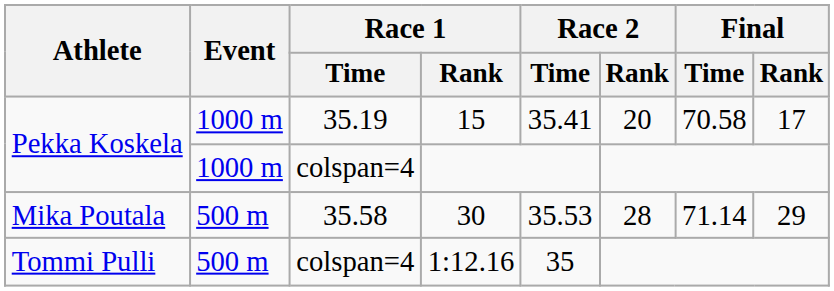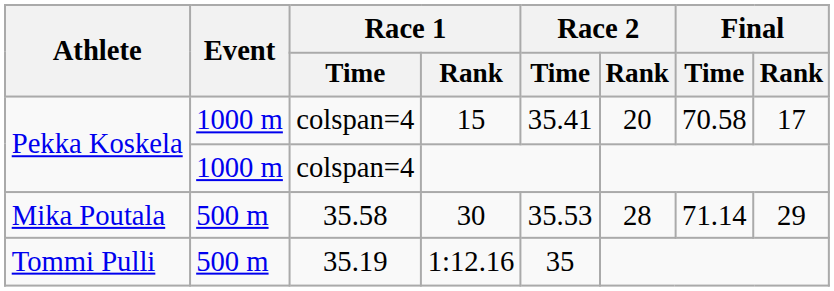 <table class="wikitable" style="font-size:90%">
 <tr>
 <th rowspan=2>Athlete</th>
 <th rowspan=2>Event</th>
 <th colspan=2>Race 1</th>
 <th colspan=2>Race 2</th>
 <th colspan=2>Final</th>
 </tr>
 <tr style="font-size:95%">
 <th>Time</th>
 <th>Rank</th>
 <th>Time</th>
 <th>Rank</th>
 <th>Time</th>
 <th>Rank</th>
 </tr>
 <tr align=center>
 <td align=left rowspan=2><a href='#'>Pekka Koskela</a></td>
 <td align=left><a href='#'>1000 m</a></td>
-<td>35.19</td>
+<td>colspan=4 </td>
 <td>15</td>
 <td>35.41</td>
 <td>20</td>
 <td>70.58</td>
 <td>17</td>
 </tr>
 <tr align=center>
 <td align=left><a href='#'>1000 m</a></td>
 <td>colspan=4 </td>
 <td colspan=2></td>
 </tr>
 <tr align=center>
 <td align=left><a href='#'>Mika Poutala</a></td>
 <td align=left><a href='#'>500 m</a></td>
 <td>35.58</td>
 <td>30</td>
 <td>35.53</td>
 <td>28</td>
 <td>71.14</td>
 <td>29</td>
 </tr>
 <tr align=center>
 <td align=left><a href='#'>Tommi Pulli</a></td>
 <td align=left><a href='#'>500 m</a></td>
-<td>colspan=4 </td>
+<td>35.19</td>
 <td>1:12.16</td>
 <td>35</td>
 </tr>
 </table>
